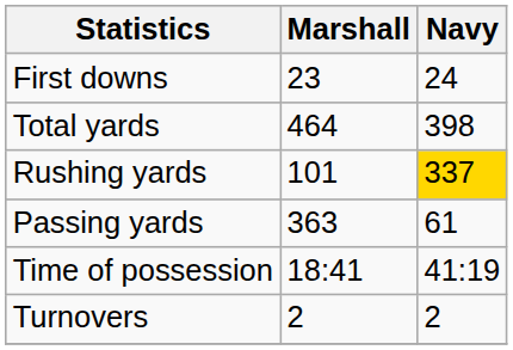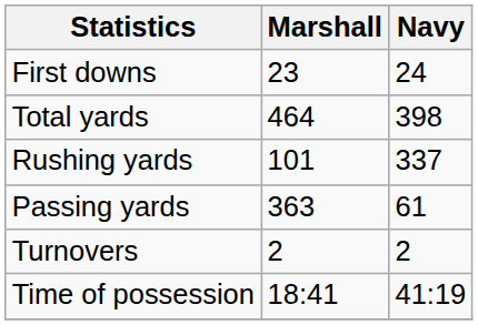 <table class="wikitable">
 <tr>
 <th>Statistics</th>
 <th>Marshall</th>
 <th>Navy</th>
 </tr>
 <tr>
 <td>First downs</td>
 <td>23</td>
 <td>24</td>
 </tr>
 <tr>
 <td>Total yards</td>
 <td>464</td>
 <td>398</td>
 </tr>
 <tr>
 <td>Rushing yards</td>
 <td>101</td>
-<td style="background: gold;">337</td>
+<td>337</td>
 </tr>
 <tr>
 <td>Passing yards</td>
 <td>363</td>
 <td>61</td>
 </tr>
 <tr>
+<td>Turnovers</td>
+<td>2</td>
+<td>2</td>
+</tr>
+<tr>
 <td>Time of possession</td>
 <td>18:41</td>
 <td>41:19</td>
 </tr>
 <tr>
-<td>Turnovers</td>
-<td>2</td>
-<td>2</td>
-</tr>
-<tr>
 </tr>
 </table>
